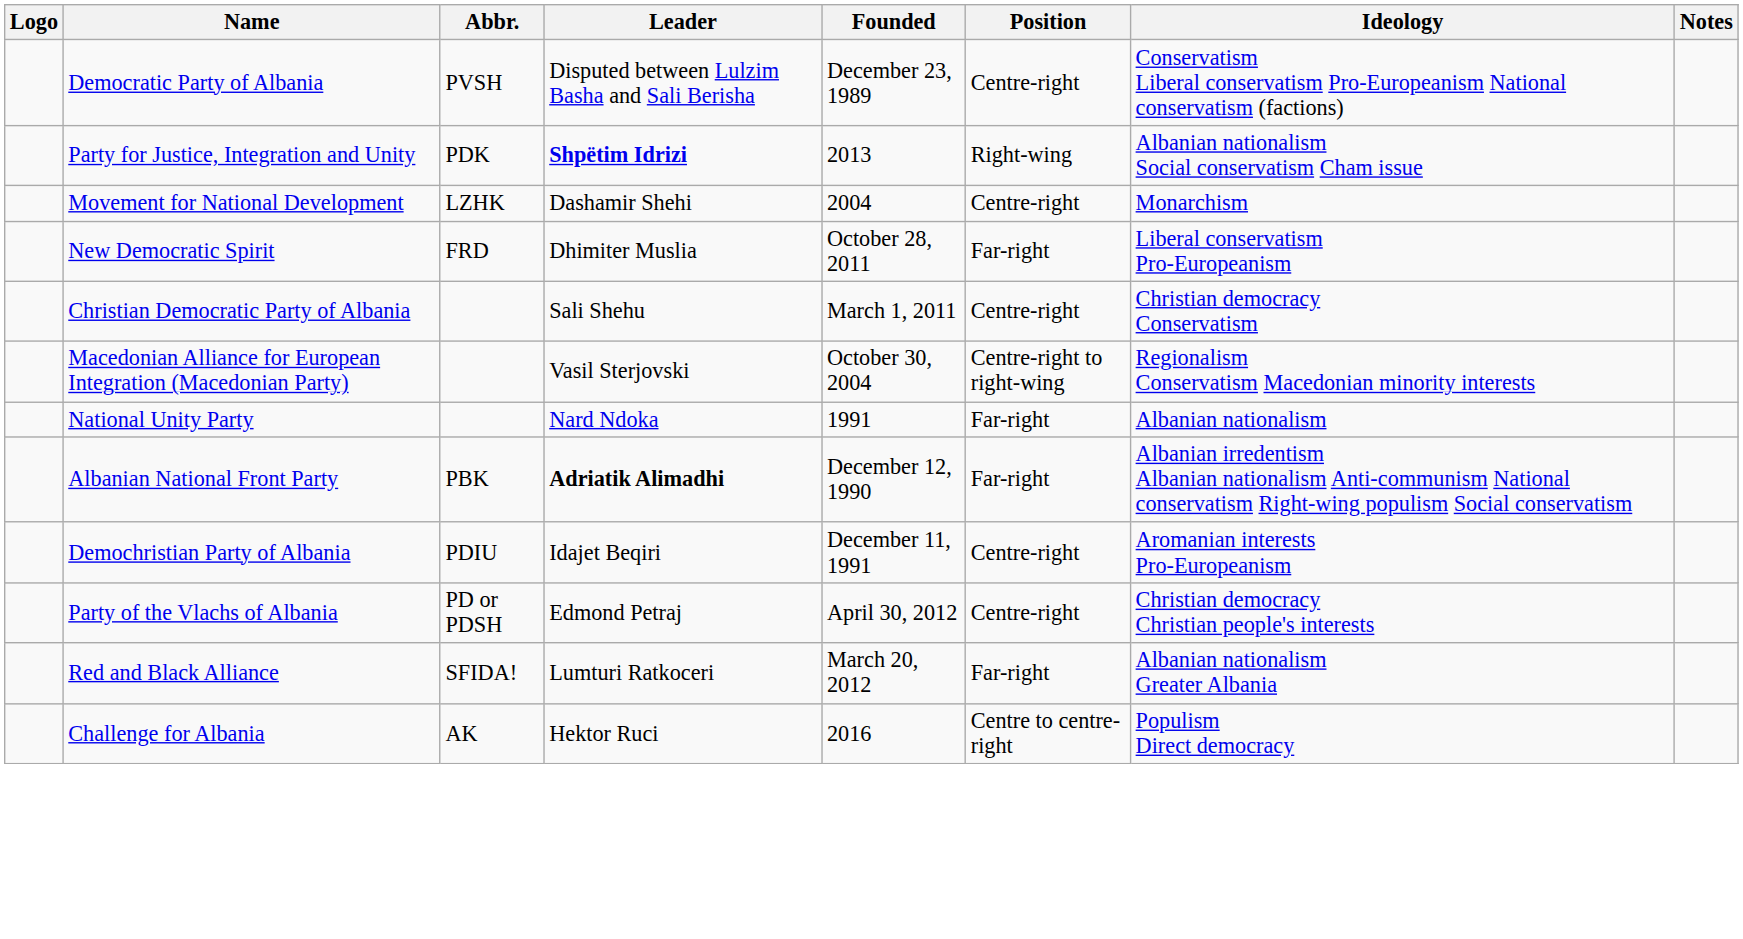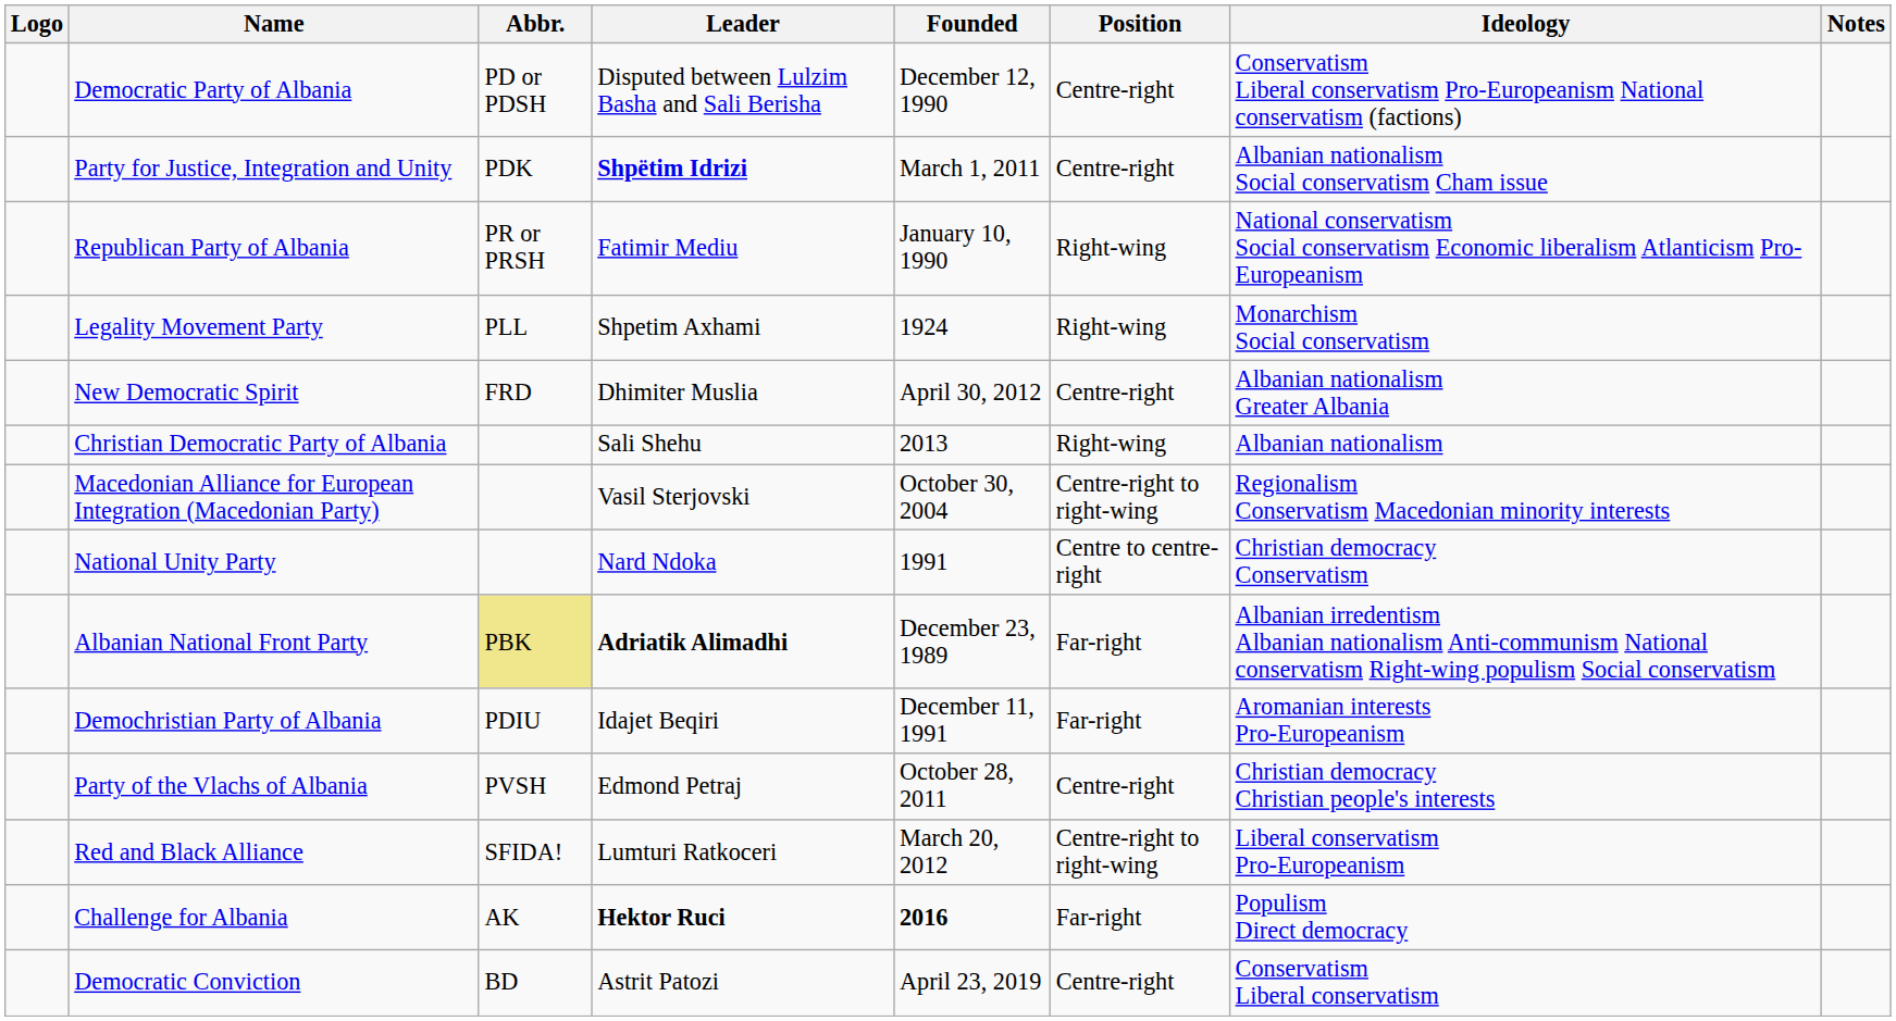 <table class="wikitable">
 <tr>
 <th>Logo</th>
 <th>Name</th>
 <th>Abbr.</th>
 <th>Leader</th>
 <th>Founded</th>
 <th>Position</th>
 <th>Ideology</th>
 <th>Notes</th>
 </tr>
 <tr>
 <td></td>
 <td><a href='#'>Democratic Party of Albania</a></td>
-<td>PVSH</td>
+<td>PD or PDSH</td>
 <td>Disputed between <a href='#'>Lulzim Basha</a> and <a href='#'>Sali Berisha</a></td>
-<td>December 23, 1989</td>
+<td>December 12, 1990</td>
 <td>Centre-right</td>
 <td><a href='#'>Conservatism</a><br><a href='#'>Liberal conservatism</a> <a href='#'>Pro-Europeanism</a> <a href='#'>National conservatism</a> (factions)</td>
 <td></td>
 </tr>
 <tr>
 <td></td>
 <td><a href='#'>Party for Justice, Integration and Unity</a></td>
 <td>PDK</td>
 <td><strong><a href='#'>Shpëtim Idrizi</a></strong></td>
-<td>2013</td>
-<td>Right-wing</td>
+<td>March 1, 2011</td>
+<td>Centre-right</td>
 <td><a href='#'>Albanian nationalism</a><br><a href='#'>Social conservatism</a> <a href='#'>Cham issue</a></td>
 <td></td>
 </tr>
 <tr>
 <td></td>
-<td><a href='#'>Movement for National Development</a></td>
-<td>LZHK</td>
-<td>Dashamir Shehi</td>
-<td>2004</td>
-<td>Centre-right</td>
-<td><a href='#'>Monarchism</a></td>
+<td><a href='#'>Republican Party of Albania</a></td>
+<td>PR or PRSH</td>
+<td><a href='#'>Fatimir Mediu</a></td>
+<td>January 10, 1990</td>
+<td>Right-wing</td>
+<td><a href='#'>National conservatism</a><br><a href='#'>Social conservatism</a> <a href='#'>Economic liberalism</a> <a href='#'>Atlanticism</a> <a href='#'>Pro-Europeanism</a></td>
+<td></td>
+</tr>
+<tr>
+<td></td>
+<td><a href='#'>Legality Movement Party</a></td>
+<td>PLL</td>
+<td>Shpetim Axhami</td>
+<td>1924</td>
+<td>Right-wing</td>
+<td><a href='#'>Monarchism</a><br><a href='#'>Social conservatism</a></td>
 <td></td>
 </tr>
 <tr>
 <td></td>
 <td><a href='#'>New Democratic Spirit</a></td>
 <td>FRD</td>
 <td>Dhimiter Muslia</td>
-<td>October 28, 2011</td>
-<td>Far-right</td>
-<td><a href='#'>Liberal conservatism</a><br><a href='#'>Pro-Europeanism</a></td>
+<td>April 30, 2012</td>
+<td>Centre-right</td>
+<td><a href='#'>Albanian nationalism</a><br><a href='#'>Greater Albania</a></td>
 <td></td>
 </tr>
 <tr>
 <td></td>
 <td><a href='#'>Christian Democratic Party of Albania</a></td>
 <td></td>
 <td>Sali Shehu</td>
-<td>March 1, 2011</td>
-<td>Centre-right</td>
-<td><a href='#'>Christian democracy</a><br><a href='#'>Conservatism</a></td>
+<td>2013</td>
+<td>Right-wing</td>
+<td><a href='#'>Albanian nationalism</a></td>
 <td></td>
 </tr>
 <tr>
 <td></td>
 <td><a href='#'>Macedonian Alliance for European Integration (Macedonian Party)</a></td>
 <td></td>
 <td>Vasil Sterjovski</td>
 <td>October 30, 2004</td>
 <td>Centre-right to right-wing</td>
 <td><a href='#'>Regionalism</a><br><a href='#'>Conservatism</a> <a href='#'>Macedonian minority interests</a></td>
 <td></td>
 </tr>
 <tr>
 <td></td>
 <td><a href='#'>National Unity Party</a></td>
 <td></td>
 <td><a href='#'>Nard Ndoka</a></td>
 <td>1991</td>
-<td>Far-right</td>
-<td><a href='#'>Albanian nationalism</a></td>
+<td>Centre to centre-right</td>
+<td><a href='#'>Christian democracy</a><br><a href='#'>Conservatism</a></td>
 <td></td>
 </tr>
 <tr>
 <td></td>
 <td><a href='#'>Albanian National Front Party</a></td>
-<td>PBK</td>
+<td style="background: khaki;">PBK</td>
 <td><strong>Adriatik Alimadhi</strong></td>
-<td>December 12, 1990</td>
+<td>December 23, 1989</td>
 <td>Far-right</td>
 <td><a href='#'>Albanian irredentism</a><br><a href='#'>Albanian nationalism</a> <a href='#'>Anti-communism</a> <a href='#'>National conservatism</a> <a href='#'>Right-wing populism</a> <a href='#'>Social conservatism</a></td>
 <td></td>
 </tr>
 <tr>
 <td></td>
 <td><a href='#'>Demochristian Party of Albania</a></td>
 <td>PDIU</td>
 <td>Idajet Beqiri</td>
 <td>December 11, 1991</td>
-<td>Centre-right</td>
+<td>Far-right</td>
 <td><a href='#'>Aromanian interests</a><br><a href='#'>Pro-Europeanism</a></td>
 <td></td>
 </tr>
 <tr>
 <td></td>
 <td><a href='#'>Party of the Vlachs of Albania</a></td>
-<td>PD or PDSH</td>
+<td>PVSH</td>
 <td>Edmond Petraj</td>
-<td>April 30, 2012</td>
+<td>October 28, 2011</td>
 <td>Centre-right</td>
 <td><a href='#'>Christian democracy</a><br><a href='#'>Christian people's interests</a></td>
 <td></td>
 </tr>
 <tr>
 <td></td>
 <td><a href='#'>Red and Black Alliance</a></td>
 <td>SFIDA!</td>
 <td>Lumturi Ratkoceri</td>
 <td>March 20, 2012</td>
-<td>Far-right</td>
-<td><a href='#'>Albanian nationalism</a><br><a href='#'>Greater Albania</a></td>
+<td>Centre-right to right-wing</td>
+<td><a href='#'>Liberal conservatism</a><br><a href='#'>Pro-Europeanism</a></td>
 <td></td>
 </tr>
 <tr>
 <td></td>
 <td><a href='#'>Challenge for Albania</a></td>
 <td>AK</td>
-<td>Hektor Ruci</td>
-<td>2016</td>
-<td>Centre to centre-right</td>
+<td><strong>Hektor Ruci</strong></td>
+<td><strong>2016</strong></td>
+<td>Far-right</td>
 <td><a href='#'>Populism</a><br><a href='#'>Direct democracy</a></td>
 <td></td>
 </tr>
+<tr>
+<td></td>
+<td><a href='#'>Democratic Conviction</a></td>
+<td>BD</td>
+<td>Astrit Patozi</td>
+<td>April 23, 2019</td>
+<td>Centre-right</td>
+<td><a href='#'>Conservatism</a><br><a href='#'>Liberal conservatism</a></td>
+<td></td>
+</tr>
 </table>
